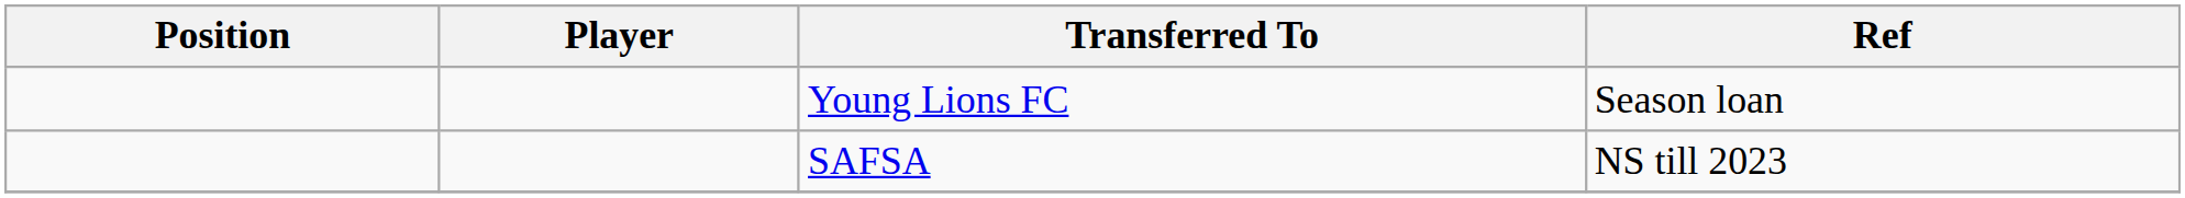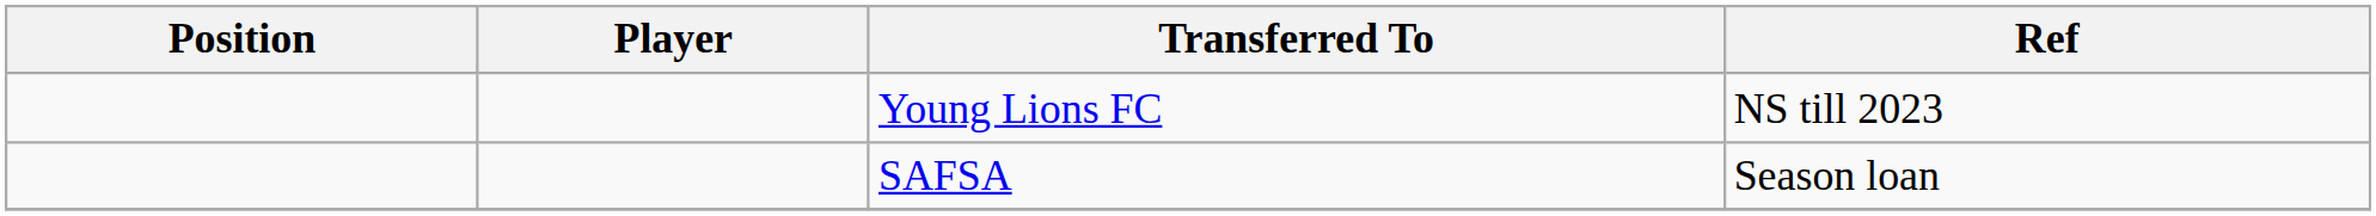 <table class="wikitable sortable" style="width:100%; text-align:center; font-size:100%; text-align:left;">
 <tr>
 <th><strong>Position</strong></th>
 <th><strong>Player</strong></th>
 <th><strong>Transferred To</strong></th>
 <th><strong>Ref</strong></th>
 </tr>
 <tr>
 <td></td>
 <td></td>
 <td> <a href='#'>Young Lions FC</a></td>
-<td>Season loan</td>
+<td>NS till 2023  </td>
 </tr>
 <tr>
 <td></td>
 <td></td>
 <td> <a href='#'>SAFSA</a></td>
-<td>NS till 2023  </td>
+<td>Season loan</td>
 </tr>
 <tr>
 </tr>
 </table>
